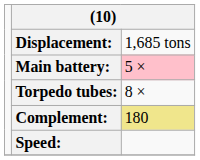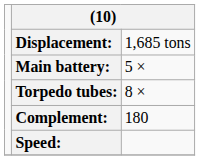 <table class="wikitable plainrowheaders" style="text-align:left">
 <tr valign="bottom">
 <td rowspan=6 style="text-align:center"></td>
 <th colspan=2 style="text-align:center"> (10)</th>
 </tr>
 <tr>
 <th style="text-align:left">Displacement:</th>
 <td>1,685 tons</td>
 </tr>
 <tr>
 <th style="text-align:left">Main battery:</th>
-<td style="background: pink;">5 × </td>
+<td>5 × </td>
 </tr>
 <tr>
 <th style="text-align:left">Torpedo tubes:</th>
 <td>8 × </td>
 </tr>
 <tr>
 <th style="text-align:left">Complement:</th>
-<td style="background: khaki;">180</td>
+<td>180</td>
 </tr>
 <tr>
 <th style="text-align:left">Speed:</th>
 <td></td>
 </tr>
 <tr>
 </tr>
 </table>
